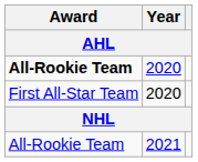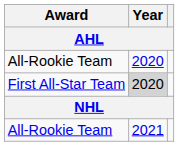 <table class="wikitable">
 <tr>
 <th>Award</th>
 <th>Year</th>
 <th></th>
 </tr>
 <tr>
 <th colspan="3"><a href='#'>AHL</a></th>
 </tr>
 <tr>
-<td><strong>All-Rookie Team</strong></td>
+<td>All-Rookie Team</td>
 <td><a href='#'>2020</a></td>
 <td></td>
 </tr>
 <tr>
 <td><a href='#'>First All-Star Team</a></td>
-<td>2020</td>
+<td style="background: lightgrey;">2020</td>
 <td></td>
 </tr>
 <tr>
 <th colspan="3"><a href='#'>NHL</a></th>
 </tr>
 <tr>
 <td><a href='#'>All-Rookie Team</a></td>
 <td><a href='#'>2021</a></td>
 <td></td>
 </tr>
 </table>
